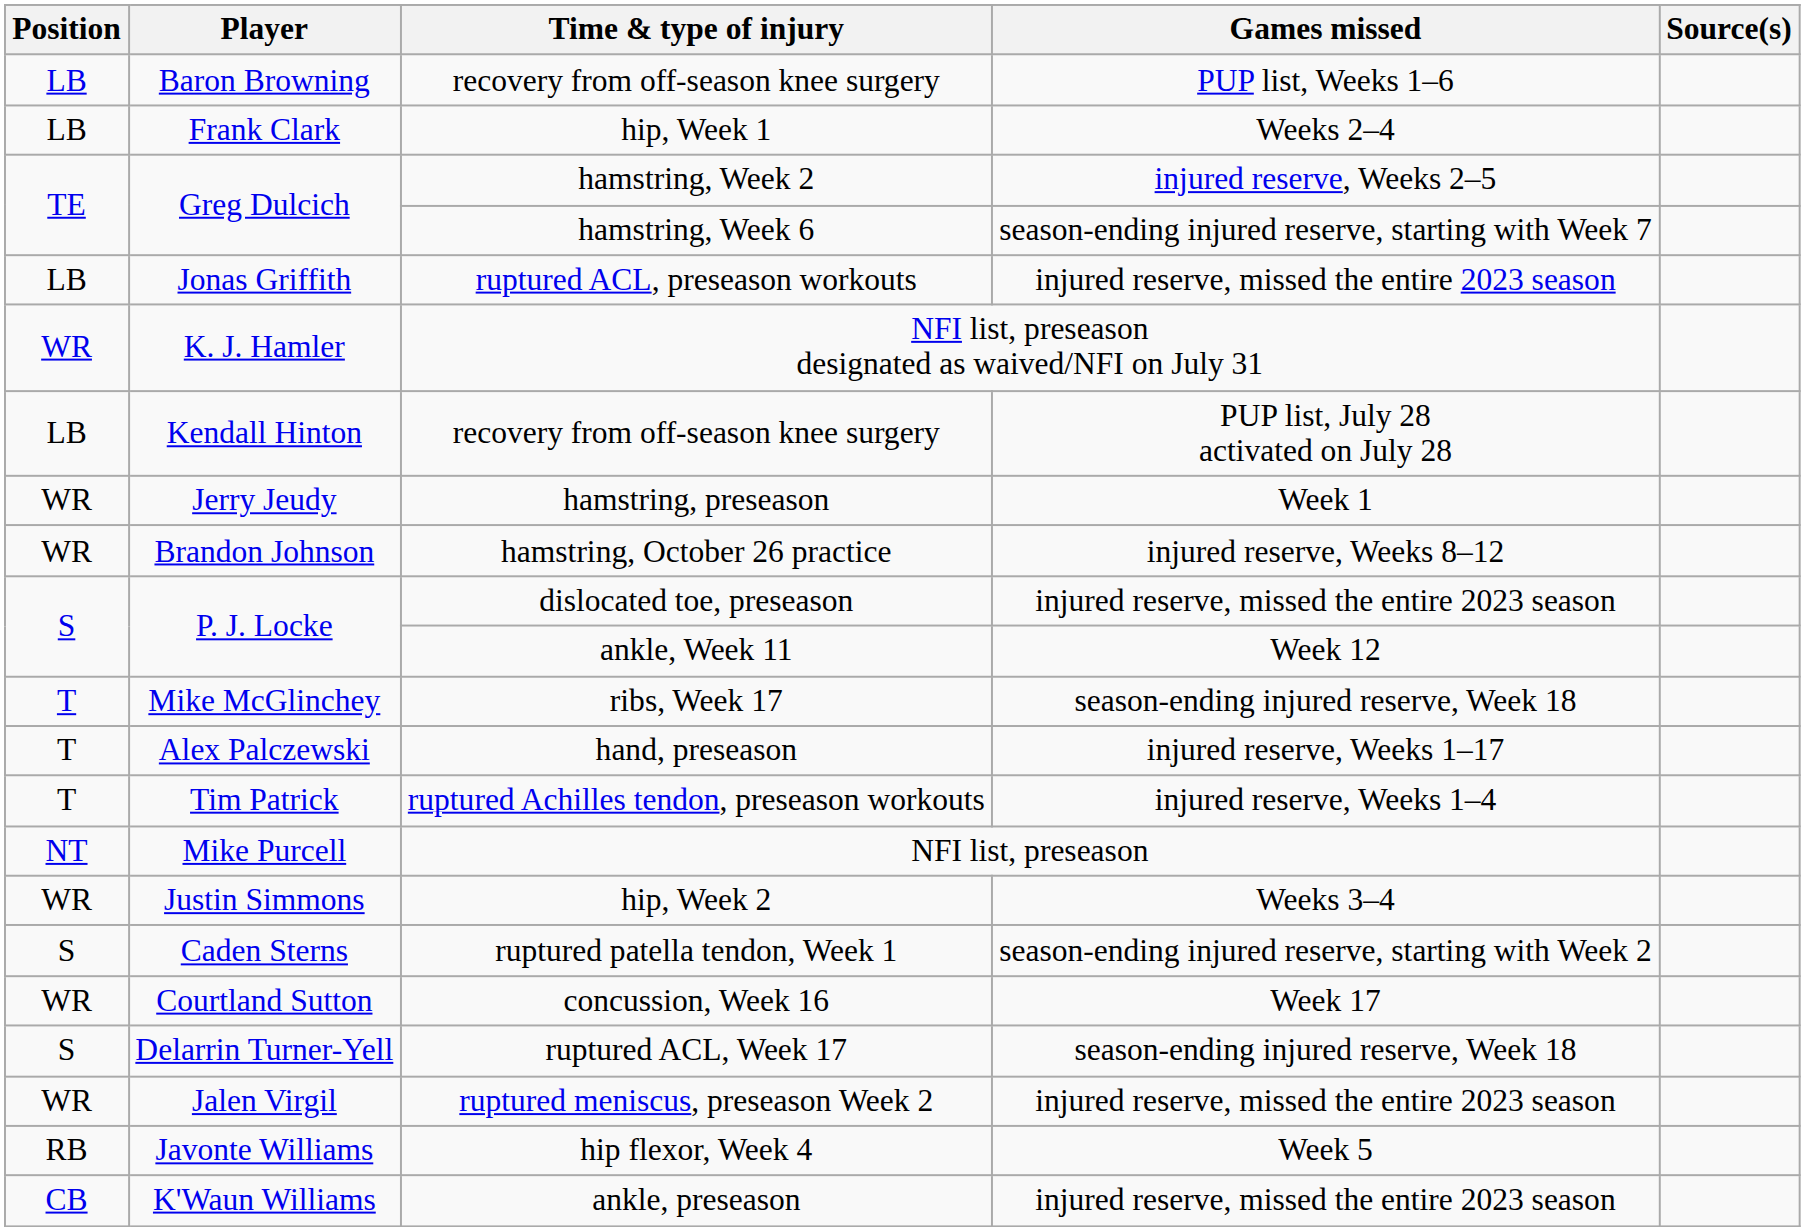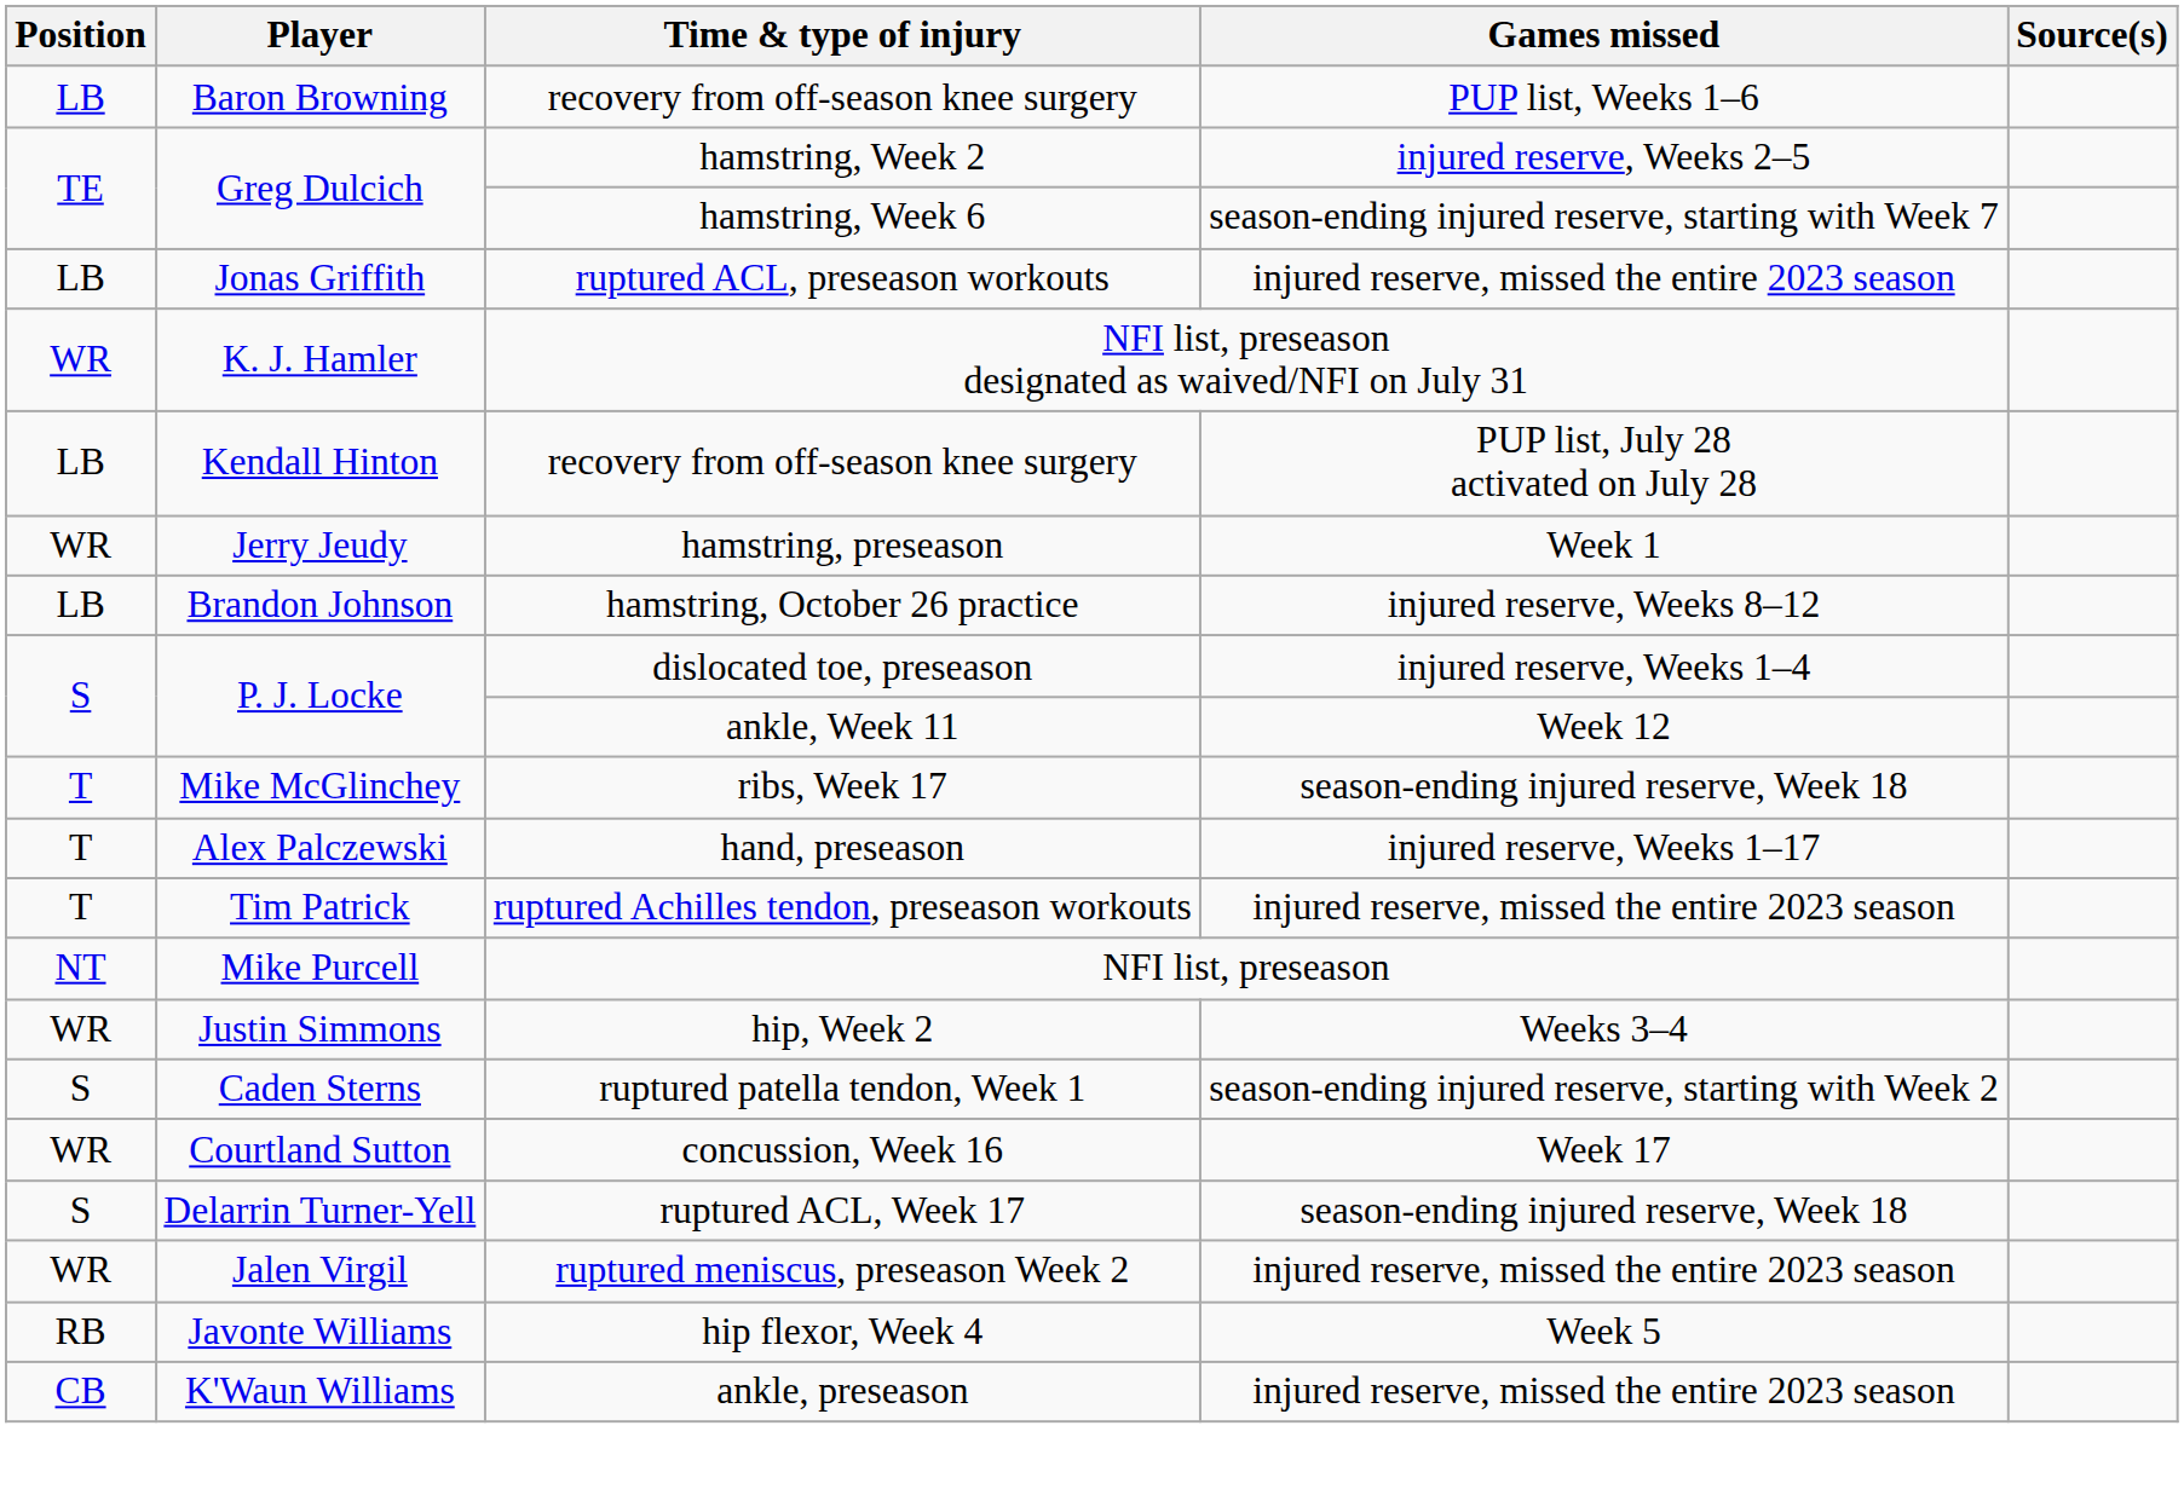 <table class="wikitable" style="text-align:center">
 <tr>
 <th>Position</th>
 <th>Player</th>
 <th>Time & type of injury</th>
 <th>Games missed</th>
 <th>Source(s)</th>
 </tr>
 <tr>
 <td><a href='#'>LB</a></td>
 <td><a href='#'>Baron Browning</a></td>
 <td>recovery from off-season knee surgery</td>
 <td><a href='#'>PUP</a> list, Weeks 1–6</td>
-<td></td>
-</tr>
-<tr>
-<td>LB</td>
-<td><a href='#'>Frank Clark</a></td>
-<td>hip, Week 1</td>
-<td>Weeks 2–4</td>
 <td></td>
 </tr>
 <tr>
 <td rowspan=2><a href='#'>TE</a></td>
 <td rowspan=2><a href='#'>Greg Dulcich</a></td>
 <td>hamstring, Week 2</td>
 <td><a href='#'>injured reserve</a>, Weeks 2–5</td>
 <td></td>
 </tr>
 <tr>
 <td>hamstring, Week 6</td>
 <td>season-ending injured reserve, starting with Week 7</td>
 <td></td>
 </tr>
 <tr>
 <td>LB</td>
 <td><a href='#'>Jonas Griffith</a></td>
 <td><a href='#'>ruptured ACL</a>, preseason workouts</td>
 <td>injured reserve, missed the entire <a href='#'>2023 season</a></td>
 <td></td>
 </tr>
 <tr>
 <td><a href='#'>WR</a></td>
 <td><a href='#'>K. J. Hamler</a></td>
 <td colspan=2><a href='#'>NFI</a> list, preseason<br>designated as waived/NFI on July 31</td>
 <td></td>
 </tr>
 <tr>
 <td>LB</td>
 <td><a href='#'>Kendall Hinton</a></td>
 <td>recovery from off-season knee surgery</td>
 <td>PUP list, July 28<br>activated on July 28</td>
 <td></td>
 </tr>
 <tr>
 <td>WR</td>
 <td><a href='#'>Jerry Jeudy</a></td>
 <td>hamstring, preseason</td>
 <td>Week 1</td>
 <td></td>
 </tr>
 <tr>
-<td>WR</td>
+<td>LB</td>
 <td><a href='#'>Brandon Johnson</a></td>
 <td>hamstring, October 26 practice</td>
 <td>injured reserve, Weeks 8–12</td>
 <td></td>
 </tr>
 <tr>
 <td rowspan=2><a href='#'>S</a></td>
 <td rowspan=2><a href='#'>P. J. Locke</a></td>
 <td>dislocated toe, preseason</td>
-<td>injured reserve, missed the entire 2023 season</td>
+<td>injured reserve, Weeks 1–4</td>
 <td></td>
 </tr>
 <tr>
 <td>ankle, Week 11</td>
 <td>Week 12</td>
 <td></td>
 </tr>
 <tr>
 <td><a href='#'>T</a></td>
 <td><a href='#'>Mike McGlinchey</a></td>
 <td>ribs, Week 17</td>
 <td>season-ending injured reserve, Week 18</td>
 <td></td>
 </tr>
 <tr>
 <td>T</td>
 <td><a href='#'>Alex Palczewski</a></td>
 <td>hand, preseason</td>
 <td>injured reserve, Weeks 1–17</td>
 <td></td>
 </tr>
 <tr>
 <td>T</td>
 <td><a href='#'>Tim Patrick</a></td>
 <td><a href='#'>ruptured Achilles tendon</a>, preseason workouts</td>
-<td>injured reserve, Weeks 1–4</td>
+<td>injured reserve, missed the entire 2023 season</td>
 <td></td>
 </tr>
 <tr>
 <td><a href='#'>NT</a></td>
 <td><a href='#'>Mike Purcell</a></td>
 <td colspan=2>NFI list, preseason</td>
 <td></td>
 </tr>
 <tr>
 <td>WR</td>
 <td><a href='#'>Justin Simmons</a></td>
 <td>hip, Week 2</td>
 <td>Weeks 3–4</td>
 <td></td>
 </tr>
 <tr>
 <td>S</td>
 <td><a href='#'>Caden Sterns</a></td>
 <td>ruptured patella tendon, Week 1</td>
 <td>season-ending injured reserve, starting with Week 2</td>
 <td></td>
 </tr>
 <tr>
 <td>WR</td>
 <td><a href='#'>Courtland Sutton</a></td>
 <td>concussion, Week 16</td>
 <td>Week 17</td>
 <td></td>
 </tr>
 <tr>
 <td>S</td>
 <td><a href='#'>Delarrin Turner-Yell</a></td>
 <td>ruptured ACL, Week 17</td>
 <td>season-ending injured reserve, Week 18</td>
 <td></td>
 </tr>
 <tr>
 <td>WR</td>
 <td><a href='#'>Jalen Virgil</a></td>
 <td><a href='#'>ruptured meniscus</a>, preseason Week 2</td>
 <td>injured reserve, missed the entire 2023 season</td>
 <td></td>
 </tr>
 <tr>
 <td>RB</td>
 <td><a href='#'>Javonte Williams</a></td>
 <td>hip flexor, Week 4</td>
 <td>Week 5</td>
 <td></td>
 </tr>
 <tr>
 <td><a href='#'>CB</a></td>
 <td><a href='#'>K'Waun Williams</a></td>
 <td>ankle, preseason</td>
 <td>injured reserve, missed the entire 2023 season</td>
 <td></td>
 </tr>
 </table>
